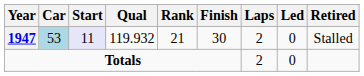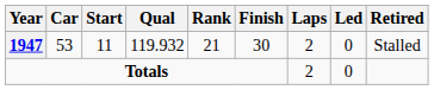 <table class="wikitable" style="text-align:center">
 <tr>
 <th>Year</th>
 <th>Car</th>
 <th>Start</th>
 <th>Qual</th>
 <th>Rank</th>
 <th>Finish</th>
 <th>Laps</th>
 <th>Led</th>
 <th>Retired</th>
 </tr>
 <tr>
 <th><a href='#'>1947</a></th>
-<td style="background: lightblue;">53</td>
-<td style="background: lavender;">11</td>
+<td>53</td>
+<td>11</td>
 <td>119.932</td>
 <td>21</td>
 <td>30</td>
 <td>2</td>
 <td>0</td>
 <td>Stalled</td>
 </tr>
 <tr>
 <td colspan=6><strong>Totals</strong></td>
 <td>2</td>
 <td>0</td>
 <td></td>
 </tr>
 </table>
